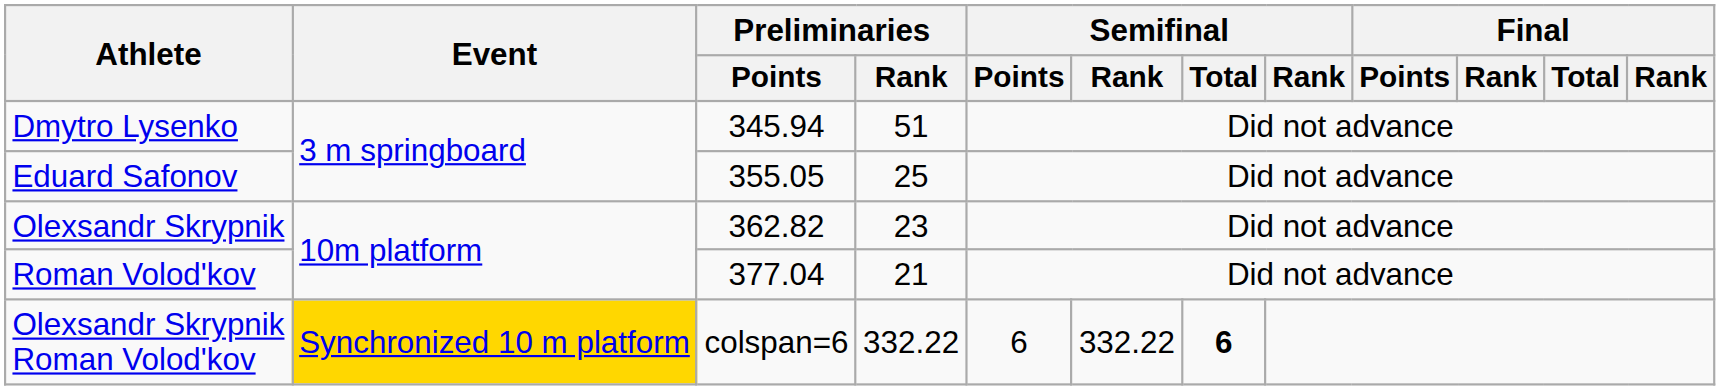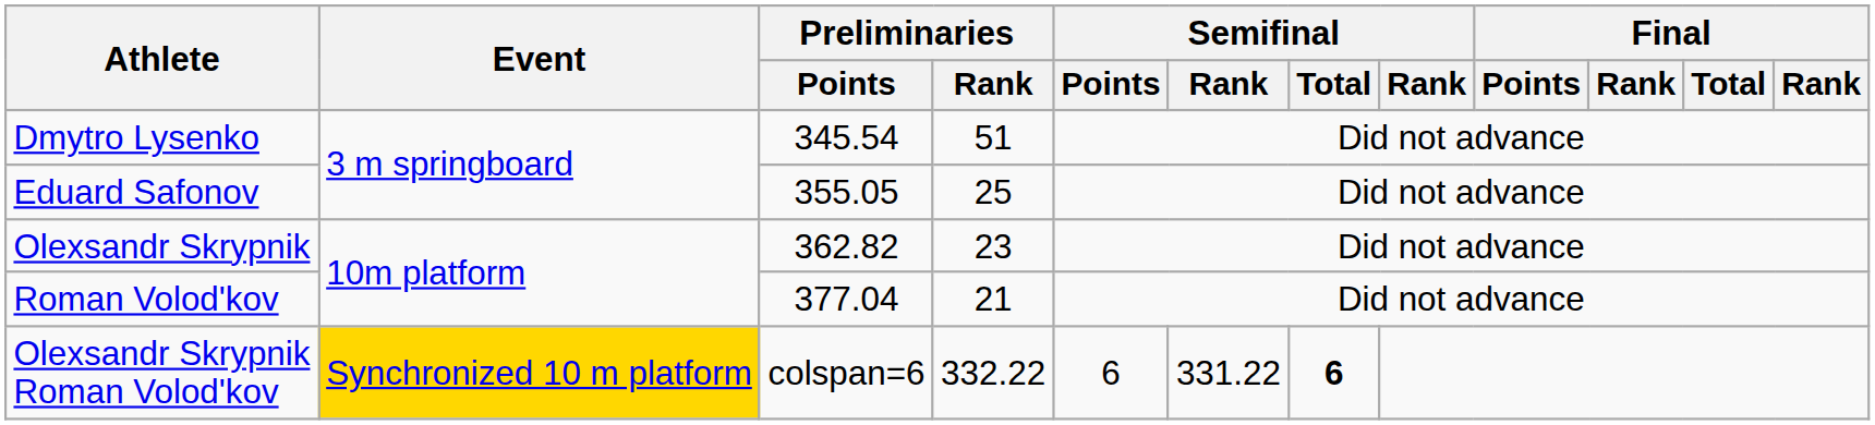 <table class="wikitable" style="font-size:90%">
 <tr>
 <th rowspan="2">Athlete</th>
 <th rowspan="2">Event</th>
 <th colspan=2>Preliminaries</th>
 <th colspan=4>Semifinal</th>
 <th colspan=4>Final</th>
 </tr>
 <tr style="font-size:95%">
 <th>Points</th>
 <th>Rank</th>
 <th>Points</th>
 <th>Rank</th>
 <th>Total</th>
 <th>Rank</th>
 <th>Points</th>
 <th>Rank</th>
 <th>Total</th>
 <th>Rank</th>
 </tr>
 <tr align=center>
 <td align=left><a href='#'>Dmytro Lysenko</a></td>
 <td align=left rowspan=2><a href='#'>3 m springboard</a></td>
-<td>345.94</td>
+<td>345.54</td>
 <td>51</td>
 <td colspan=8>Did not advance</td>
 </tr>
 <tr align=center>
 <td align=left><a href='#'>Eduard Safonov</a></td>
 <td>355.05</td>
 <td>25</td>
 <td colspan=8>Did not advance</td>
 </tr>
 <tr align=center>
 <td align=left><a href='#'>Olexsandr Skrypnik</a></td>
 <td align=left rowspan=2><a href='#'>10m platform</a></td>
 <td>362.82</td>
 <td>23</td>
 <td colspan=8>Did not advance</td>
 </tr>
 <tr align=center>
 <td align=left><a href='#'>Roman Volod'kov</a></td>
 <td>377.04</td>
 <td>21</td>
 <td colspan=8>Did not advance</td>
 </tr>
 <tr align=center>
 <td align=left><a href='#'>Olexsandr Skrypnik</a><br><a href='#'>Roman Volod'kov</a></td>
 <td align=left style="background: gold;"><a href='#'>Synchronized 10 m platform</a></td>
 <td>colspan=6 </td>
 <td>332.22</td>
 <td>6</td>
-<td>332.22</td>
+<td>331.22</td>
 <td><strong>6</strong></td>
 </tr>
 </table>
